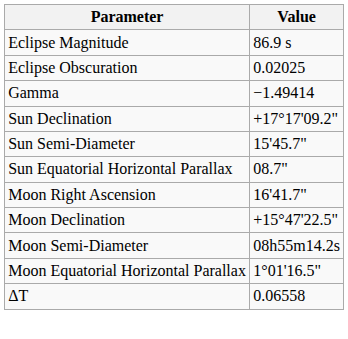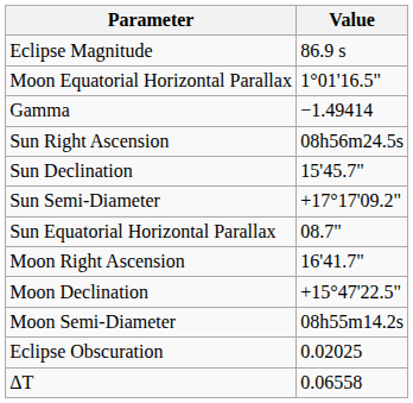 <table class="wikitable">
 <tr>
 <th>Parameter</th>
 <th>Value</th>
 </tr>
 <tr>
 <td>Eclipse Magnitude</td>
 <td>86.9 s</td>
 </tr>
 <tr>
-<td>Eclipse Obscuration</td>
-<td>0.02025</td>
+<td>Moon Equatorial Horizontal Parallax</td>
+<td>1°01'16.5"</td>
 </tr>
 <tr>
 <td>Gamma</td>
 <td>−1.49414</td>
 </tr>
 <tr>
+<td>Sun Right Ascension</td>
+<td>08h56m24.5s</td>
+</tr>
+<tr>
 <td>Sun Declination</td>
-<td>+17°17'09.2"</td>
+<td>15'45.7"</td>
 </tr>
 <tr>
 <td>Sun Semi-Diameter</td>
-<td>15'45.7"</td>
+<td>+17°17'09.2"</td>
 </tr>
 <tr>
 <td>Sun Equatorial Horizontal Parallax</td>
 <td>08.7"</td>
 </tr>
 <tr>
 <td>Moon Right Ascension</td>
 <td>16'41.7"</td>
 </tr>
 <tr>
 <td>Moon Declination</td>
 <td>+15°47'22.5"</td>
 </tr>
 <tr>
 <td>Moon Semi-Diameter</td>
 <td>08h55m14.2s</td>
 </tr>
 <tr>
-<td>Moon Equatorial Horizontal Parallax</td>
-<td>1°01'16.5"</td>
+<td>Eclipse Obscuration</td>
+<td>0.02025</td>
 </tr>
 <tr>
 <td>ΔT</td>
 <td>0.06558</td>
 </tr>
 </table>
